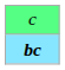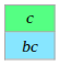 <table class="wikitable" style="font-style:italic;text-align:center;">
 <tr>
 <td bgcolor="#55FF83" width="40">c</td>
 </tr>
 <tr>
-<td bgcolor="#87E6FF" width="40"><strong>bc</strong></td>
+<td bgcolor="#87E6FF" width="40">bc</td>
 </tr>
 </table>
